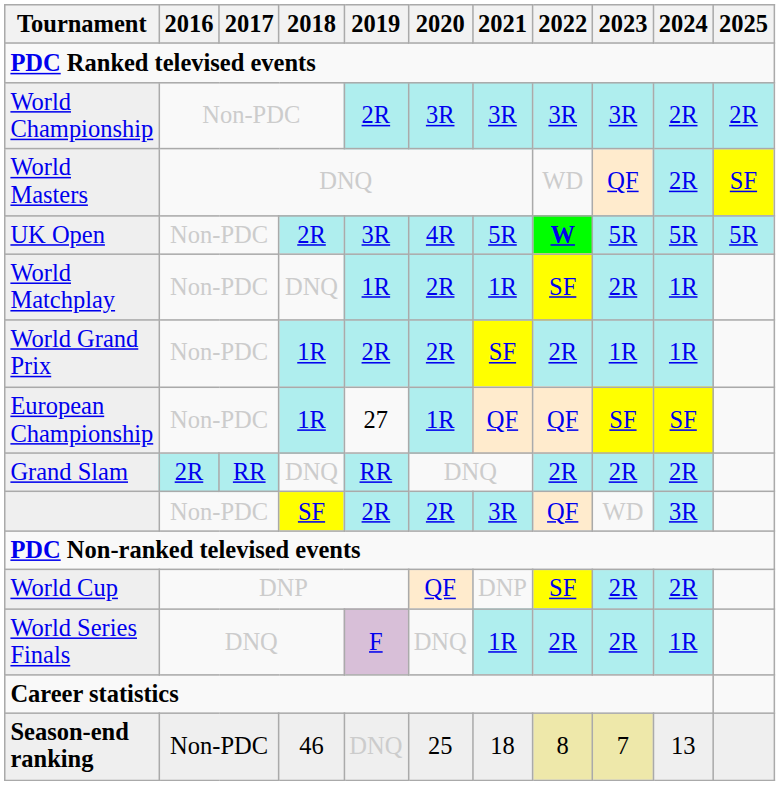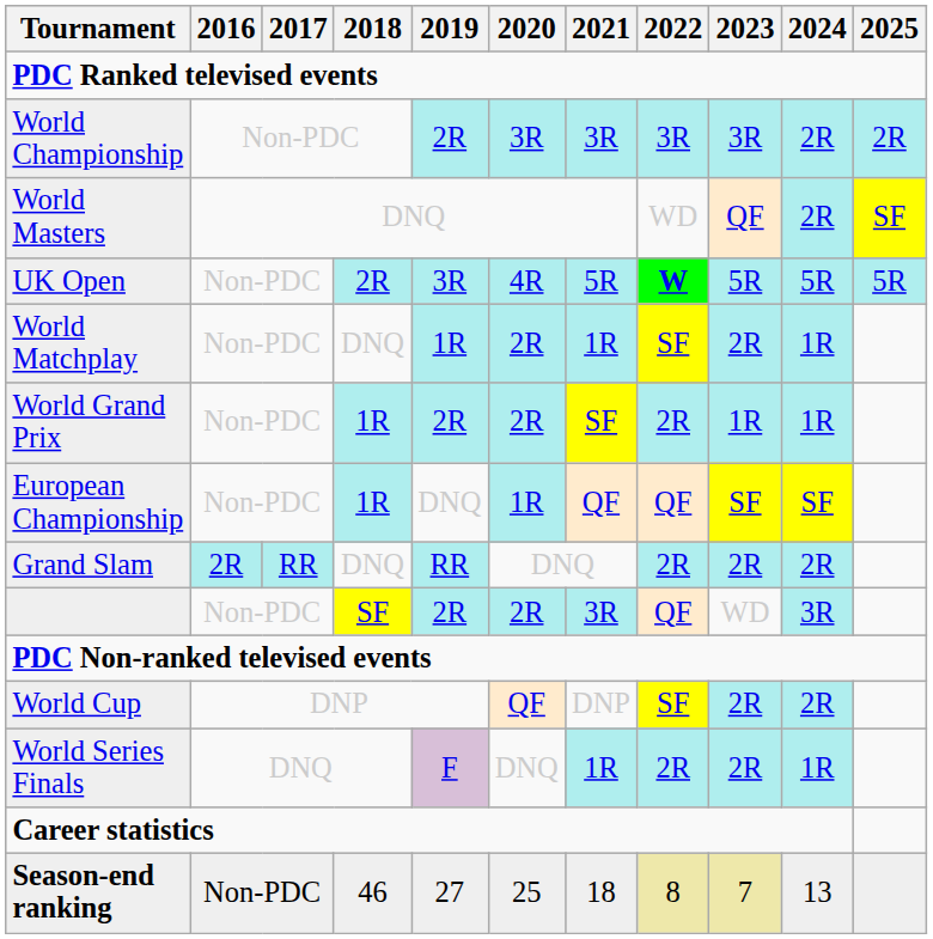 <table class="wikitable" style="width:30%; margin:0">
 <tr>
 <th>Tournament</th>
 <th>2016</th>
 <th>2017</th>
 <th>2018</th>
 <th>2019</th>
 <th>2020</th>
 <th>2021</th>
 <th>2022</th>
 <th>2023</th>
 <th>2024</th>
 <th>2025</th>
 </tr>
 <tr>
 <td colspan="17" align="left"><strong><a href='#'>PDC</a> Ranked televised events</strong></td>
 </tr>
 <tr>
 <td style="background:#efefef;"><a href='#'>World Championship</a></td>
 <td colspan="3" style="text-align:center; color:#ccc;">Non-PDC</td>
 <td style="text-align:center; background:#afeeee;"><a href='#'>2R</a></td>
 <td style="text-align:center; background:#afeeee;"><a href='#'>3R</a></td>
 <td style="text-align:center; background:#afeeee;"><a href='#'>3R</a></td>
 <td style="text-align:center; background:#afeeee;"><a href='#'>3R</a></td>
 <td style="text-align:center; background:#afeeee;"><a href='#'>3R</a></td>
 <td style="text-align:center; background:#afeeee;"><a href='#'>2R</a></td>
 <td style="text-align:center; background:#afeeee;"><a href='#'>2R</a></td>
 </tr>
 <tr>
 <td style="background:#efefef;"><a href='#'>World Masters</a></td>
 <td colspan="6" style="text-align:center; color:#ccc;">DNQ</td>
 <td style="text-align:center; color:#ccc;">WD</td>
 <td style="text-align:center; background:#ffebcd;"><a href='#'>QF</a></td>
 <td style="text-align:center; background:#afeeee;"><a href='#'>2R</a></td>
 <td style="text-align:center; background:yellow;"><a href='#'>SF</a></td>
 </tr>
 <tr>
 <td style="background:#efefef;"><a href='#'>UK Open</a></td>
 <td colspan="2" style="text-align:center; color:#ccc;">Non-PDC</td>
 <td style="text-align:center; background:#afeeee;"><a href='#'>2R</a></td>
 <td style="text-align:center; background:#afeeee;"><a href='#'>3R</a></td>
 <td style="text-align:center; background:#afeeee;"><a href='#'>4R</a></td>
 <td style="text-align:center; background:#afeeee;"><a href='#'>5R</a></td>
 <td style="text-align:center; background:lime;"><a href='#'><strong>W</strong></a></td>
 <td style="text-align:center; background:#afeeee;"><a href='#'>5R</a></td>
 <td style="text-align:center; background:#afeeee;"><a href='#'>5R</a></td>
 <td style="text-align:center; background:#afeeee;"><a href='#'>5R</a></td>
 </tr>
 <tr>
 <td style="background:#efefef;"><a href='#'>World Matchplay</a></td>
 <td colspan="2" style="text-align:center; color:#ccc;">Non-PDC</td>
 <td style="text-align:center; color:#ccc;">DNQ</td>
 <td style="text-align:center; background:#afeeee;"><a href='#'>1R</a></td>
 <td style="text-align:center; background:#afeeee;"><a href='#'>2R</a></td>
 <td style="text-align:center; background:#afeeee;"><a href='#'>1R</a></td>
 <td style="text-align:center; background:yellow;"><a href='#'>SF</a></td>
 <td style="text-align:center; background:#afeeee;"><a href='#'>2R</a></td>
 <td style="text-align:center; background:#afeeee;"><a href='#'>1R</a></td>
 <td></td>
 </tr>
 <tr>
 <td style="background:#efefef;"><a href='#'>World Grand Prix</a></td>
 <td colspan="2" style="text-align:center; color:#ccc;">Non-PDC</td>
 <td style="text-align:center; background:#afeeee;"><a href='#'>1R</a></td>
 <td style="text-align:center; background:#afeeee;"><a href='#'>2R</a></td>
 <td style="text-align:center; background:#afeeee;"><a href='#'>2R</a></td>
 <td style="text-align:center; background:yellow;"><a href='#'>SF</a></td>
 <td style="text-align:center; background:#afeeee;"><a href='#'>2R</a></td>
 <td style="text-align:center; background:#afeeee;"><a href='#'>1R</a></td>
 <td style="text-align:center; background:#afeeee;"><a href='#'>1R</a></td>
 <td></td>
 </tr>
 <tr>
 <td style="background:#efefef;"><a href='#'>European Championship</a></td>
 <td colspan="2" style="text-align:center; color:#ccc;">Non-PDC</td>
 <td style="text-align:center; background:#afeeee;"><a href='#'>1R</a></td>
-<td style="text-align:center;">27</td>
+<td style="text-align:center; color:#ccc;">DNQ</td>
 <td style="text-align:center; background:#afeeee;"><a href='#'>1R</a></td>
 <td style="text-align:center; background:#ffebcd;"><a href='#'>QF</a></td>
 <td style="text-align:center; background:#ffebcd;"><a href='#'>QF</a></td>
 <td style="text-align:center; background:yellow;"><a href='#'>SF</a></td>
 <td style="text-align:center; background:yellow;"><a href='#'>SF</a></td>
 <td></td>
 </tr>
 <tr>
 <td style="background:#efefef;"><a href='#'>Grand Slam</a></td>
 <td style="text-align:center; background:#afeeee;"><a href='#'>2R</a></td>
 <td style="text-align:center; background:#afeeee;"><a href='#'>RR</a></td>
 <td style="text-align:center; color:#ccc;">DNQ</td>
 <td style="text-align:center; background:#afeeee;"><a href='#'>RR</a></td>
 <td colspan="2" style="text-align:center; color:#ccc;">DNQ</td>
 <td style="text-align:center; background:#afeeee;"><a href='#'>2R</a></td>
 <td style="text-align:center; background:#afeeee;"><a href='#'>2R</a></td>
 <td style="text-align:center; background:#afeeee;"><a href='#'>2R</a></td>
 <td></td>
 </tr>
 <tr>
 <td style="background:#efefef;"></td>
 <td colspan="2" style="text-align:center; color:#ccc;">Non-PDC</td>
 <td style="text-align:center; background:yellow;"><a href='#'>SF</a></td>
 <td style="text-align:center; background:#afeeee;"><a href='#'>2R</a></td>
 <td style="text-align:center; background:#afeeee;"><a href='#'>2R</a></td>
 <td style="text-align:center; background:#afeeee;"><a href='#'>3R</a></td>
 <td style="text-align:center; background:#ffebcd;"><a href='#'>QF</a></td>
 <td style="text-align:center; color:#ccc;">WD</td>
 <td style="text-align:center; background:#afeeee;"><a href='#'>3R</a></td>
 <td></td>
 </tr>
 <tr>
 <td colspan="17" align="left"><strong><a href='#'>PDC</a> Non-ranked televised events</strong></td>
 </tr>
 <tr>
 <td style="background:#efefef;" align=left><a href='#'>World Cup</a></td>
 <td colspan="4" style="text-align:center; color:#ccc;">DNP</td>
 <td style="text-align:center; background:#ffebcd;"><a href='#'>QF</a></td>
 <td style="text-align:center; color:#ccc;">DNP</td>
 <td style="text-align:center; background:yellow;"><a href='#'>SF</a></td>
 <td style="text-align:center; background:#afeeee;"><a href='#'>2R</a></td>
 <td style="text-align:center; background:#afeeee;"><a href='#'>2R</a></td>
 <td></td>
 </tr>
 <tr>
 <td style="background:#efefef;"><a href='#'>World Series Finals</a></td>
 <td colspan="3" style="text-align:center; color:#ccc;">DNQ</td>
 <td style="text-align:center; background:thistle;"><a href='#'>F</a></td>
 <td style="text-align:center; color:#ccc;">DNQ</td>
 <td style="text-align:center; background:#afeeee;"><a href='#'>1R</a></td>
 <td style="text-align:center; background:#afeeee;"><a href='#'>2R</a></td>
 <td style="text-align:center; background:#afeeee;"><a href='#'>2R</a></td>
 <td style="text-align:center; background:#afeeee;"><a href='#'>1R</a></td>
 <td></td>
 </tr>
 <tr>
 <td colspan="10" align="left"><strong>Career statistics</strong></td>
 </tr>
 <tr bgcolor="efefef">
 <td align="left"><strong>Season-end ranking</strong></td>
 <td colspan=2 style="text-align:center;">Non-PDC</td>
 <td style="text-align:center;">46</td>
-<td style="text-align:center; color:#ccc;">DNQ</td>
+<td style="text-align:center;">27</td>
 <td style="text-align:center;">25</td>
 <td style="text-align:center;">18</td>
 <td style="text-align:center; background:#eee8aa">8</td>
 <td style="text-align:center; background:#eee8aa">7</td>
 <td style="text-align:center;">13</td>
 <td></td>
 </tr>
 </table>
